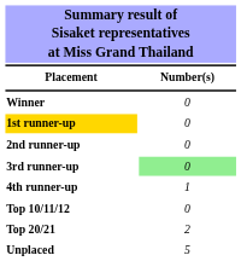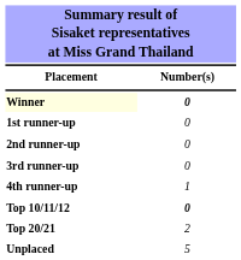 <table style="width: 270px; font-size:85%; line-height:1.5em;">
 <tr>
 <th colspan="2" align="center" style="background:#AAF;"><big>Summary result of<br>Sisaket representatives<br>at Miss Grand Thailand</big></th>
 </tr>
 <tr>
 <td colspan="2" style="background:black"></td>
 </tr>
 <tr>
 <th scope="col">Placement</th>
 <th scope="col">Number(s)</th>
 </tr>
 <tr>
 <td colspan="2" style="background:black"></td>
 </tr>
 <tr>
-<td align="left"><strong>Winner</strong></td>
-<td align="center"><em>0</em></td>
+<td align="left" style="background: lightyellow;"><strong>Winner</strong></td>
+<td align="center"><strong><em>0</em></strong></td>
 </tr>
 <tr>
-<td align="left" style="background: gold;"><strong>1st runner-up</strong></td>
+<td align="left"><strong>1st runner-up</strong></td>
 <td align="center"><em>0</em></td>
 </tr>
 <tr>
 <td align="left"><strong>2nd runner-up</strong></td>
 <td align="center"><em>0</em></td>
 </tr>
 <tr>
 <td align="left"><strong>3rd runner-up</strong></td>
-<td align="center" style="background: lightgreen;"><em>0</em></td>
+<td align="center"><em>0</em></td>
 </tr>
 <tr>
 <td align="left"><strong>4th runner-up</strong></td>
 <td align="center"><em>1</em></td>
 </tr>
 <tr>
 <td align="left"><strong>Top 10/11/12</strong></td>
-<td align="center"><em>0</em></td>
+<td align="center"><strong><em>0</em></strong></td>
 </tr>
 <tr>
 <td align="left"><strong>Top 20/21</strong></td>
 <td align="center"><em>2</em></td>
 </tr>
 <tr>
 <td align="left"><strong>Unplaced</strong></td>
 <td align="center"><em>5</em></td>
 </tr>
 </table>
